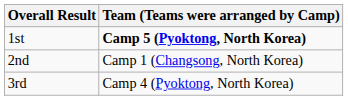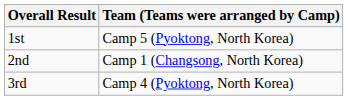 <table class="wikitable">
 <tr>
 <th>Overall Result</th>
 <th>Team (Teams were arranged by Camp)</th>
 </tr>
 <tr>
 <td>1st</td>
-<td><strong>Camp 5 (<a href='#'>Pyoktong</a>, North Korea)</strong></td>
+<td>Camp 5 (<a href='#'>Pyoktong</a>, North Korea)</td>
 </tr>
 <tr>
 <td>2nd</td>
 <td>Camp 1 (<a href='#'>Changsong</a>, North Korea)</td>
 </tr>
 <tr>
 <td>3rd</td>
 <td>Camp 4 (<a href='#'>Pyoktong</a>, North Korea)</td>
 </tr>
 </table>
